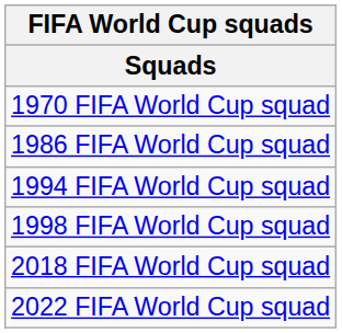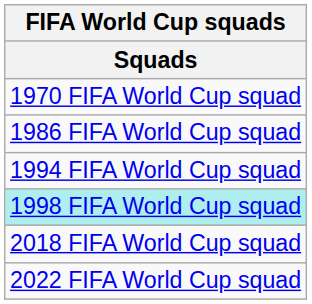 <table class="wikitable sortable collapsible collapsed" style="text-align:center">
 <tr>
 <th colspan="1"  style="text-align:center;">FIFA World Cup squads</th>
 </tr>
 <tr>
 <th>Squads</th>
 </tr>
 <tr>
 <td><a href='#'>1970 FIFA World Cup squad</a></td>
 </tr>
 <tr>
 <td><a href='#'>1986 FIFA World Cup squad</a></td>
 </tr>
 <tr>
 <td><a href='#'>1994 FIFA World Cup squad</a></td>
 </tr>
 <tr>
-<td><a href='#'>1998 FIFA World Cup squad</a></td>
+<td style="background: paleturquoise;"><a href='#'>1998 FIFA World Cup squad</a></td>
 </tr>
 <tr>
 <td><a href='#'>2018 FIFA World Cup squad</a></td>
 </tr>
 <tr>
 <td><a href='#'>2022 FIFA World Cup squad</a></td>
 </tr>
 </table>
